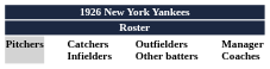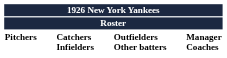 <table class="toccolours" style="font-size: 95%;">
 <tr>
 <th colspan="10" style="background-color: #1c2841; color: white; text-align: center;">1926 New York Yankees</th>
 </tr>
 <tr>
 <td colspan="10" style="background-color: #1c2841; color: white; text-align: center;"><strong>Roster</strong></td>
 </tr>
 <tr>
-<td valign="top" style="background: lightgrey;"><strong>Pitchers</strong><br>          </td>
+<td valign="top"><strong>Pitchers</strong><br>          </td>
 <td width="25px"></td>
 <td valign="top"><strong>Catchers</strong><br>     <strong>Infielders</strong>        </td>
 <td width="25px"></td>
 <td valign="top"><strong>Outfielders</strong><br>      <strong>Other batters</strong> </td>
 <td width="25px"></td>
 <td valign="top"><strong>Manager</strong><br> <strong>Coaches</strong>  </td>
 </tr>
 </table>
